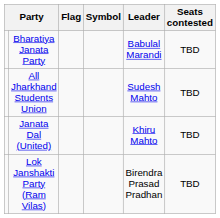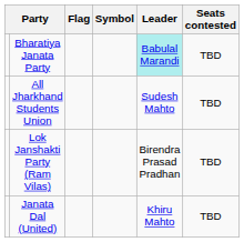 <table class="wikitable" width="50%" style="text-align:center;">
 <tr>
 <th colspan="2">Party</th>
 <th>Flag</th>
 <th>Symbol</th>
 <th>Leader</th>
 <th>Seats contested</th>
 </tr>
 <tr>
 <td></td>
 <td><a href='#'>Bharatiya Janata Party</a></td>
 <td></td>
 <td></td>
-<td><a href='#'>Babulal Marandi</a></td>
+<td style="background: paleturquoise;"><a href='#'>Babulal Marandi</a></td>
 <td>TBD</td>
 </tr>
 <tr>
 <td></td>
 <td><a href='#'>All Jharkhand Students Union</a></td>
 <td></td>
 <td></td>
 <td><a href='#'>Sudesh Mahto</a></td>
 <td>TBD</td>
 </tr>
 <tr>
+<td style="text-align:center; background:"></td>
+<td><a href='#'>Lok Janshakti Party (Ram Vilas)</a></td>
+<td></td>
+<td></td>
+<td>Birendra Prasad Pradhan</td>
+<td>TBD</td>
+</tr>
+<tr>
 <td></td>
 <td><a href='#'>Janata Dal (United)</a></td>
 <td></td>
 <td></td>
 <td><a href='#'>Khiru Mahto</a></td>
 <td>TBD</td>
 </tr>
-<tr>
-<td style="text-align:center; background:"></td>
-<td><a href='#'>Lok Janshakti Party (Ram Vilas)</a></td>
-<td></td>
-<td></td>
-<td>Birendra Prasad Pradhan</td>
-<td>TBD</td>
-</tr>
 </table>
